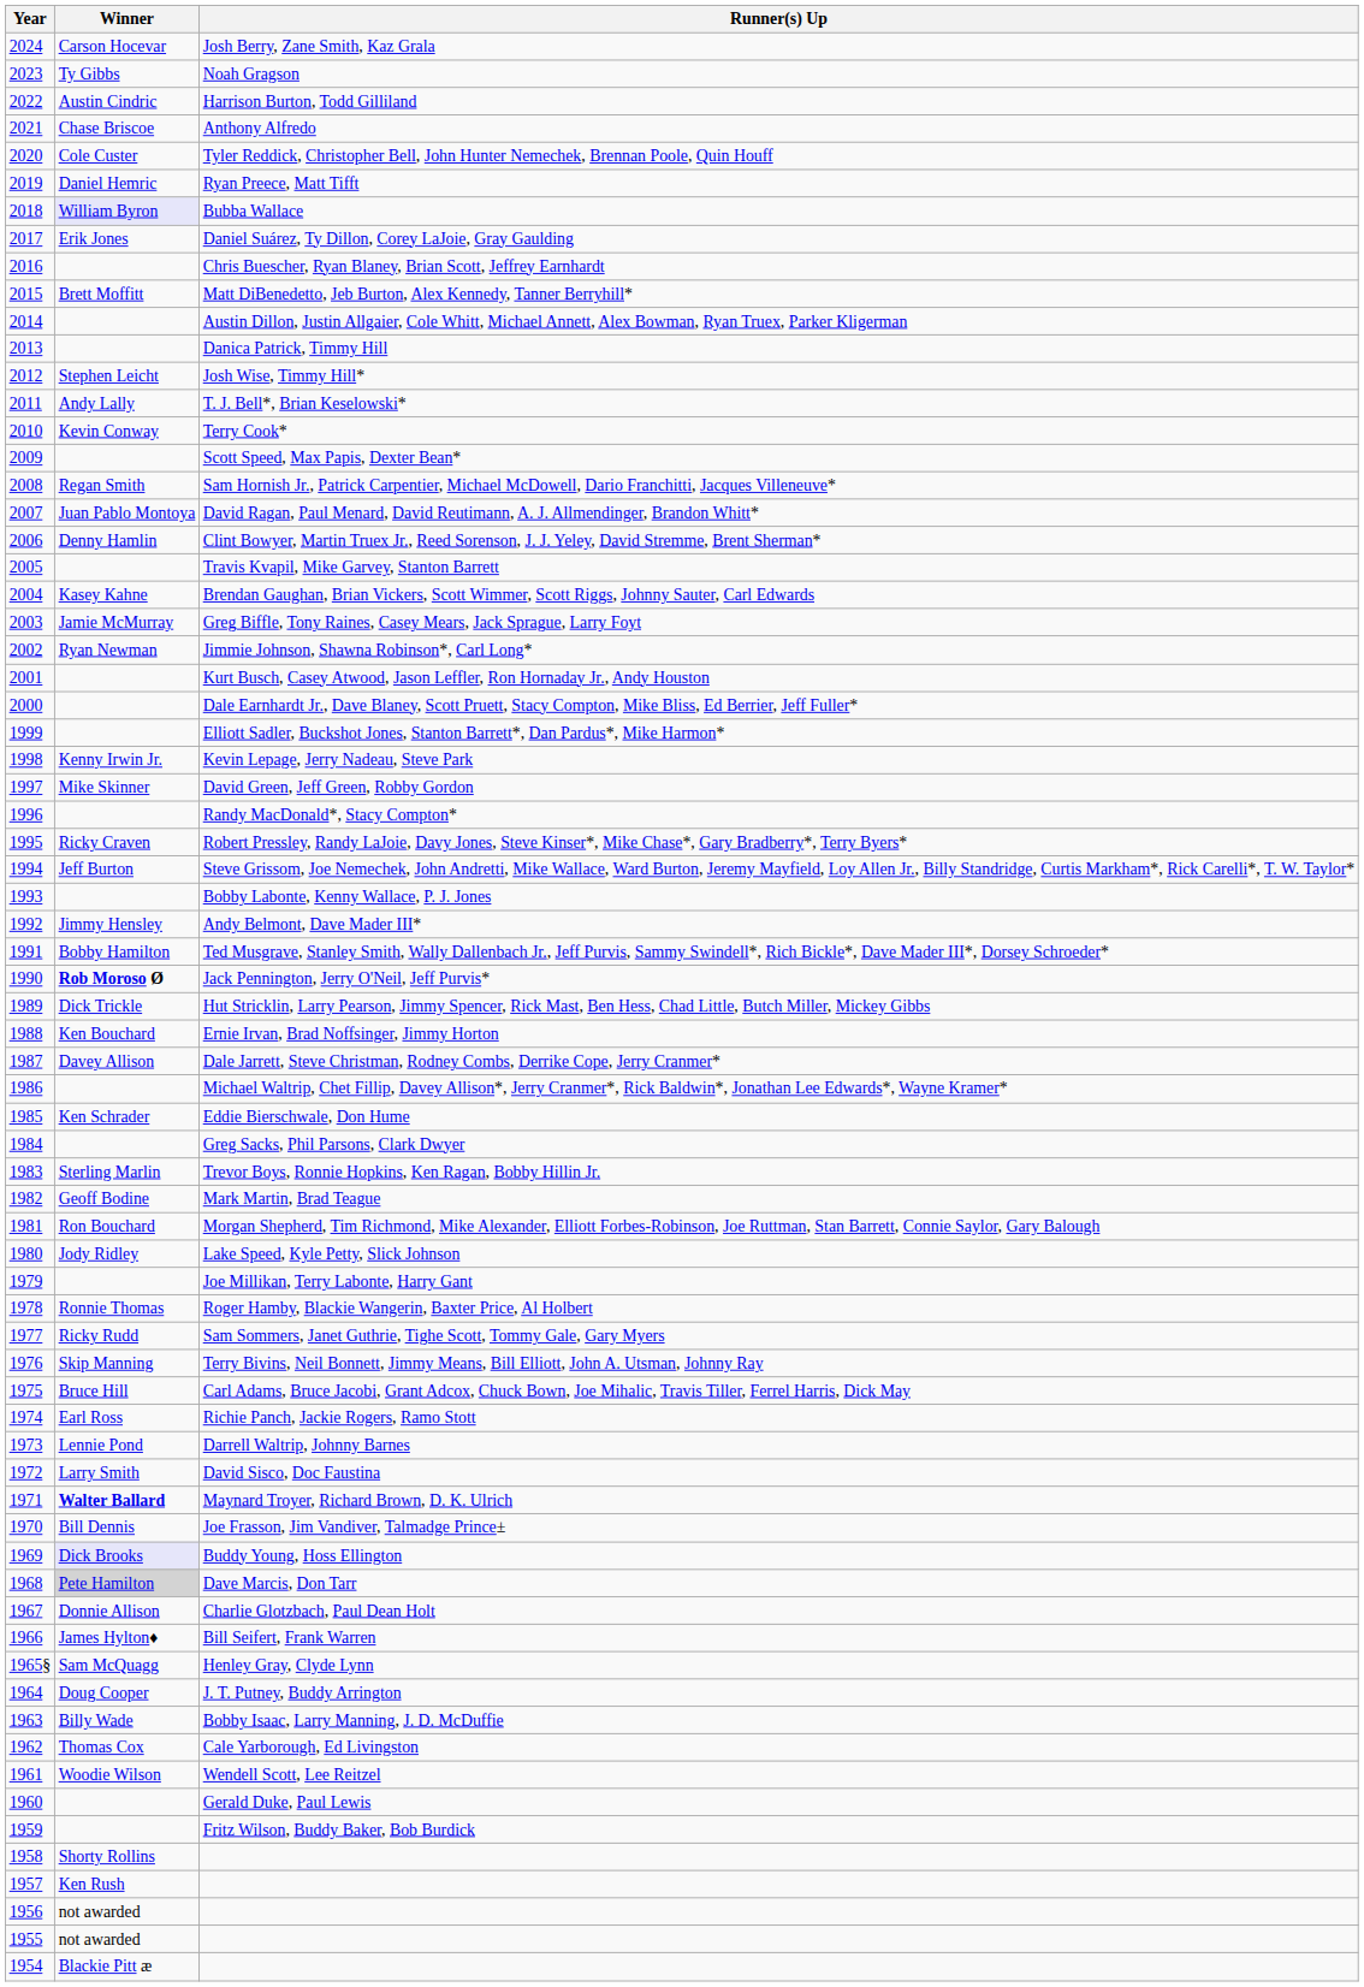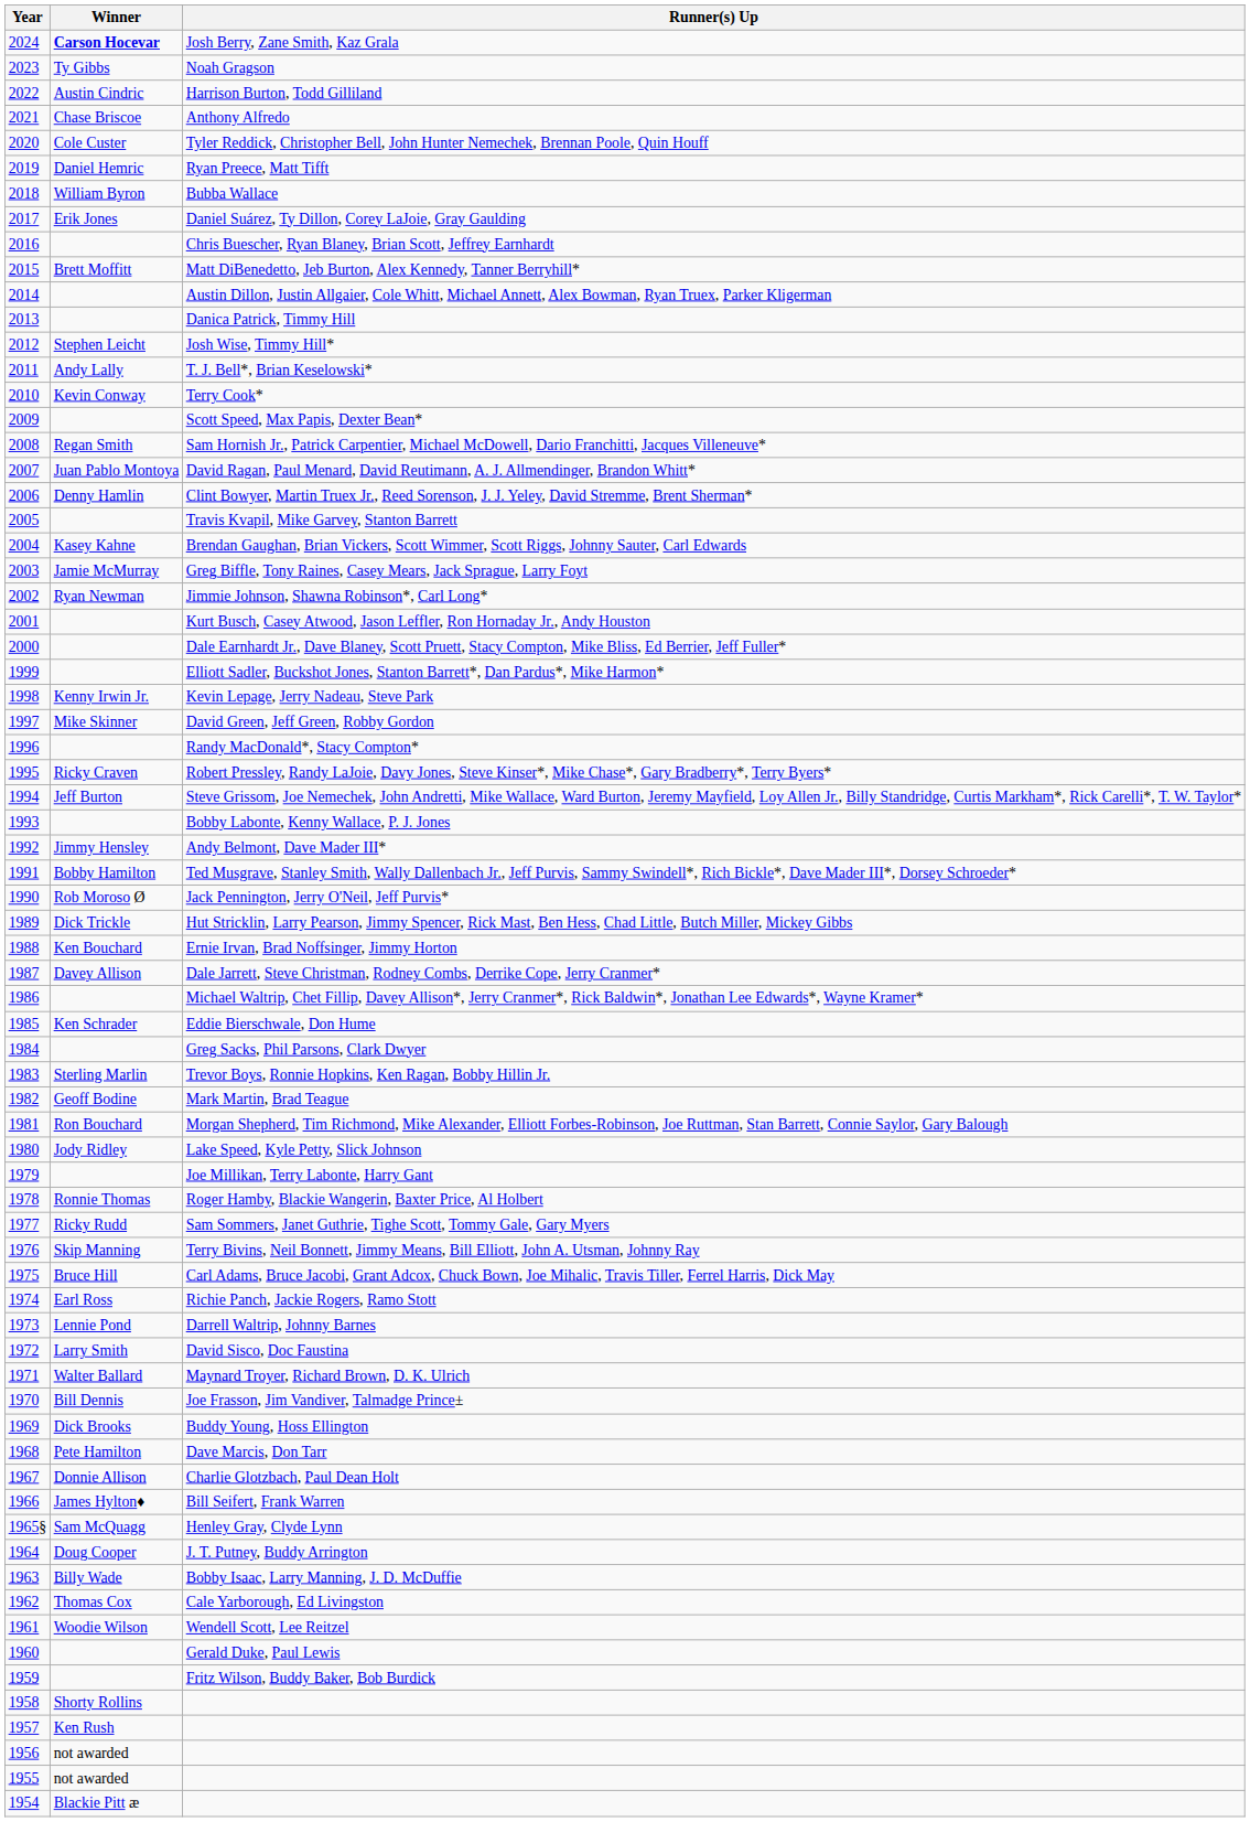 <table class="wikitable" style="font-size: 95%;">
 <tr>
 <th>Year</th>
 <th>Winner</th>
 <th>Runner(s) Up</th>
 </tr>
 <tr>
 <td><a href='#'>2024</a></td>
-<td><a href='#'>Carson Hocevar</a></td>
+<td><strong><a href='#'>Carson Hocevar</a></strong></td>
 <td><a href='#'>Josh Berry</a>, <a href='#'>Zane Smith</a>, <a href='#'>Kaz Grala</a></td>
 </tr>
 <tr>
 <td><a href='#'>2023</a></td>
 <td><a href='#'>Ty Gibbs</a></td>
 <td><a href='#'>Noah Gragson</a></td>
 </tr>
 <tr>
 <td><a href='#'>2022</a></td>
 <td><a href='#'>Austin Cindric</a></td>
 <td><a href='#'>Harrison Burton</a>, <a href='#'>Todd Gilliland</a></td>
 </tr>
 <tr>
 <td><a href='#'>2021</a></td>
 <td><a href='#'>Chase Briscoe</a></td>
 <td><a href='#'>Anthony Alfredo</a></td>
 </tr>
 <tr>
 <td><a href='#'>2020</a></td>
 <td><a href='#'>Cole Custer</a></td>
 <td><a href='#'>Tyler Reddick</a>, <a href='#'>Christopher Bell</a>, <a href='#'>John Hunter Nemechek</a>, <a href='#'>Brennan Poole</a>, <a href='#'>Quin Houff</a></td>
 </tr>
 <tr>
 <td><a href='#'>2019</a></td>
 <td><a href='#'>Daniel Hemric</a></td>
 <td><a href='#'>Ryan Preece</a>, <a href='#'>Matt Tifft</a></td>
 </tr>
 <tr>
 <td><a href='#'>2018</a></td>
-<td style="background: lavender;"><a href='#'>William Byron</a></td>
+<td><a href='#'>William Byron</a></td>
 <td><a href='#'>Bubba Wallace</a></td>
 </tr>
 <tr>
 <td><a href='#'>2017</a></td>
 <td><a href='#'>Erik Jones</a></td>
 <td><a href='#'>Daniel Suárez</a>, <a href='#'>Ty Dillon</a>, <a href='#'>Corey LaJoie</a>, <a href='#'>Gray Gaulding</a></td>
 </tr>
 <tr>
 <td><a href='#'>2016</a></td>
 <td></td>
 <td><a href='#'>Chris Buescher</a>, <a href='#'>Ryan Blaney</a>, <a href='#'>Brian Scott</a>, <a href='#'>Jeffrey Earnhardt</a></td>
 </tr>
 <tr>
 <td><a href='#'>2015</a></td>
 <td><a href='#'>Brett Moffitt</a></td>
 <td><a href='#'>Matt DiBenedetto</a>, <a href='#'>Jeb Burton</a>, <a href='#'>Alex Kennedy</a>, <a href='#'>Tanner Berryhill</a>*</td>
 </tr>
 <tr>
 <td><a href='#'>2014</a></td>
 <td></td>
 <td><a href='#'>Austin Dillon</a>, <a href='#'>Justin Allgaier</a>, <a href='#'>Cole Whitt</a>, <a href='#'>Michael Annett</a>, <a href='#'>Alex Bowman</a>, <a href='#'>Ryan Truex</a>, <a href='#'>Parker Kligerman</a></td>
 </tr>
 <tr>
 <td><a href='#'>2013</a></td>
 <td></td>
 <td><a href='#'>Danica Patrick</a>, <a href='#'>Timmy Hill</a></td>
 </tr>
 <tr>
 <td><a href='#'>2012</a></td>
 <td><a href='#'>Stephen Leicht</a></td>
 <td><a href='#'>Josh Wise</a>, <a href='#'>Timmy Hill</a>*</td>
 </tr>
 <tr>
 <td><a href='#'>2011</a></td>
 <td><a href='#'>Andy Lally</a></td>
 <td><a href='#'>T. J. Bell</a>*, <a href='#'>Brian Keselowski</a>*</td>
 </tr>
 <tr>
 <td><a href='#'>2010</a></td>
 <td><a href='#'>Kevin Conway</a></td>
 <td><a href='#'>Terry Cook</a>*</td>
 </tr>
 <tr>
 <td><a href='#'>2009</a></td>
 <td></td>
 <td><a href='#'>Scott Speed</a>, <a href='#'>Max Papis</a>, <a href='#'>Dexter Bean</a>*</td>
 </tr>
 <tr>
 <td><a href='#'>2008</a></td>
 <td><a href='#'>Regan Smith</a></td>
 <td><a href='#'>Sam Hornish Jr.</a>, <a href='#'>Patrick Carpentier</a>, <a href='#'>Michael McDowell</a>, <a href='#'>Dario Franchitti</a>, <a href='#'>Jacques Villeneuve</a>*</td>
 </tr>
 <tr>
 <td><a href='#'>2007</a></td>
 <td><a href='#'>Juan Pablo Montoya</a></td>
 <td><a href='#'>David Ragan</a>, <a href='#'>Paul Menard</a>, <a href='#'>David Reutimann</a>, <a href='#'>A. J. Allmendinger</a>, <a href='#'>Brandon Whitt</a>*</td>
 </tr>
 <tr>
 <td><a href='#'>2006</a></td>
 <td><a href='#'>Denny Hamlin</a></td>
 <td><a href='#'>Clint Bowyer</a>, <a href='#'>Martin Truex Jr.</a>, <a href='#'>Reed Sorenson</a>, <a href='#'>J. J. Yeley</a>, <a href='#'>David Stremme</a>, <a href='#'>Brent Sherman</a>*</td>
 </tr>
 <tr>
 <td><a href='#'>2005</a></td>
 <td></td>
 <td><a href='#'>Travis Kvapil</a>, <a href='#'>Mike Garvey</a>, <a href='#'>Stanton Barrett</a></td>
 </tr>
 <tr>
 <td><a href='#'>2004</a></td>
 <td><a href='#'>Kasey Kahne</a></td>
 <td><a href='#'>Brendan Gaughan</a>, <a href='#'>Brian Vickers</a>, <a href='#'>Scott Wimmer</a>, <a href='#'>Scott Riggs</a>, <a href='#'>Johnny Sauter</a>, <a href='#'>Carl Edwards</a></td>
 </tr>
 <tr>
 <td><a href='#'>2003</a></td>
 <td><a href='#'>Jamie McMurray</a></td>
 <td><a href='#'>Greg Biffle</a>, <a href='#'>Tony Raines</a>, <a href='#'>Casey Mears</a>, <a href='#'>Jack Sprague</a>, <a href='#'>Larry Foyt</a></td>
 </tr>
 <tr>
 <td><a href='#'>2002</a></td>
 <td><a href='#'>Ryan Newman</a></td>
 <td><a href='#'>Jimmie Johnson</a>, <a href='#'>Shawna Robinson</a>*, <a href='#'>Carl Long</a>*</td>
 </tr>
 <tr>
 <td><a href='#'>2001</a></td>
 <td></td>
 <td><a href='#'>Kurt Busch</a>, <a href='#'>Casey Atwood</a>, <a href='#'>Jason Leffler</a>, <a href='#'>Ron Hornaday Jr.</a>, <a href='#'>Andy Houston</a></td>
 </tr>
 <tr>
 <td><a href='#'>2000</a></td>
 <td></td>
 <td><a href='#'>Dale Earnhardt Jr.</a>, <a href='#'>Dave Blaney</a>, <a href='#'>Scott Pruett</a>, <a href='#'>Stacy Compton</a>, <a href='#'>Mike Bliss</a>, <a href='#'>Ed Berrier</a>, <a href='#'>Jeff Fuller</a>*</td>
 </tr>
 <tr>
 <td><a href='#'>1999</a></td>
 <td></td>
 <td><a href='#'>Elliott Sadler</a>, <a href='#'>Buckshot Jones</a>, <a href='#'>Stanton Barrett</a>*, <a href='#'>Dan Pardus</a>*, <a href='#'>Mike Harmon</a>*</td>
 </tr>
 <tr>
 <td><a href='#'>1998</a></td>
 <td><a href='#'>Kenny Irwin Jr.</a></td>
 <td><a href='#'>Kevin Lepage</a>, <a href='#'>Jerry Nadeau</a>, <a href='#'>Steve Park</a></td>
 </tr>
 <tr>
 <td><a href='#'>1997</a></td>
 <td><a href='#'>Mike Skinner</a></td>
 <td><a href='#'>David Green</a>, <a href='#'>Jeff Green</a>, <a href='#'>Robby Gordon</a></td>
 </tr>
 <tr>
 <td><a href='#'>1996</a></td>
 <td></td>
 <td><a href='#'>Randy MacDonald</a>*, <a href='#'>Stacy Compton</a>*</td>
 </tr>
 <tr>
 <td><a href='#'>1995</a></td>
 <td><a href='#'>Ricky Craven</a></td>
 <td><a href='#'>Robert Pressley</a>, <a href='#'>Randy LaJoie</a>, <a href='#'>Davy Jones</a>, <a href='#'>Steve Kinser</a>*, <a href='#'>Mike Chase</a>*, <a href='#'>Gary Bradberry</a>*, <a href='#'>Terry Byers</a>*</td>
 </tr>
 <tr>
 <td><a href='#'>1994</a></td>
 <td><a href='#'>Jeff Burton</a></td>
 <td><a href='#'>Steve Grissom</a>, <a href='#'>Joe Nemechek</a>, <a href='#'>John Andretti</a>, <a href='#'>Mike Wallace</a>, <a href='#'>Ward Burton</a>, <a href='#'>Jeremy Mayfield</a>, <a href='#'>Loy Allen Jr.</a>, <a href='#'>Billy Standridge</a>, <a href='#'>Curtis Markham</a>*, <a href='#'>Rick Carelli</a>*, <a href='#'>T. W. Taylor</a>*</td>
 </tr>
 <tr>
 <td><a href='#'>1993</a></td>
 <td></td>
 <td><a href='#'>Bobby Labonte</a>, <a href='#'>Kenny Wallace</a>, <a href='#'>P. J. Jones</a></td>
 </tr>
 <tr>
 <td><a href='#'>1992</a></td>
 <td><a href='#'>Jimmy Hensley</a></td>
 <td><a href='#'>Andy Belmont</a>, <a href='#'>Dave Mader III</a>*</td>
 </tr>
 <tr>
 <td><a href='#'>1991</a></td>
 <td><a href='#'>Bobby Hamilton</a></td>
 <td><a href='#'>Ted Musgrave</a>, <a href='#'>Stanley Smith</a>, <a href='#'>Wally Dallenbach Jr.</a>, <a href='#'>Jeff Purvis</a>, <a href='#'>Sammy Swindell</a>*, <a href='#'>Rich Bickle</a>*, <a href='#'>Dave Mader III</a>*, <a href='#'>Dorsey Schroeder</a>*</td>
 </tr>
 <tr>
 <td><a href='#'>1990</a></td>
-<td><strong><a href='#'>Rob Moroso</a> Ø</strong></td>
+<td><a href='#'>Rob Moroso</a> Ø</td>
 <td><a href='#'>Jack Pennington</a>, <a href='#'>Jerry O'Neil</a>, <a href='#'>Jeff Purvis</a>*</td>
 </tr>
 <tr>
 <td><a href='#'>1989</a></td>
 <td><a href='#'>Dick Trickle</a></td>
 <td><a href='#'>Hut Stricklin</a>, <a href='#'>Larry Pearson</a>, <a href='#'>Jimmy Spencer</a>, <a href='#'>Rick Mast</a>, <a href='#'>Ben Hess</a>, <a href='#'>Chad Little</a>, <a href='#'>Butch Miller</a>, <a href='#'>Mickey Gibbs</a></td>
 </tr>
 <tr>
 <td><a href='#'>1988</a></td>
 <td><a href='#'>Ken Bouchard</a></td>
 <td><a href='#'>Ernie Irvan</a>, <a href='#'>Brad Noffsinger</a>, <a href='#'>Jimmy Horton</a></td>
 </tr>
 <tr>
 <td><a href='#'>1987</a></td>
 <td><a href='#'>Davey Allison</a></td>
 <td><a href='#'>Dale Jarrett</a>, <a href='#'>Steve Christman</a>, <a href='#'>Rodney Combs</a>, <a href='#'>Derrike Cope</a>, <a href='#'>Jerry Cranmer</a>*</td>
 </tr>
 <tr>
 <td><a href='#'>1986</a></td>
 <td></td>
 <td><a href='#'>Michael Waltrip</a>, <a href='#'>Chet Fillip</a>, <a href='#'>Davey Allison</a>*, <a href='#'>Jerry Cranmer</a>*, <a href='#'>Rick Baldwin</a>*, <a href='#'>Jonathan Lee Edwards</a>*, <a href='#'>Wayne Kramer</a>*</td>
 </tr>
 <tr>
 <td><a href='#'>1985</a></td>
 <td><a href='#'>Ken Schrader</a></td>
 <td><a href='#'>Eddie Bierschwale</a>, <a href='#'>Don Hume</a></td>
 </tr>
 <tr>
 <td><a href='#'>1984</a></td>
 <td></td>
 <td><a href='#'>Greg Sacks</a>, <a href='#'>Phil Parsons</a>, <a href='#'>Clark Dwyer</a></td>
 </tr>
 <tr>
 <td><a href='#'>1983</a></td>
 <td><a href='#'>Sterling Marlin</a></td>
 <td><a href='#'>Trevor Boys</a>, <a href='#'>Ronnie Hopkins</a>, <a href='#'>Ken Ragan</a>, <a href='#'>Bobby Hillin Jr.</a></td>
 </tr>
 <tr>
 <td><a href='#'>1982</a></td>
 <td><a href='#'>Geoff Bodine</a></td>
 <td><a href='#'>Mark Martin</a>, <a href='#'>Brad Teague</a></td>
 </tr>
 <tr>
 <td><a href='#'>1981</a></td>
 <td><a href='#'>Ron Bouchard</a></td>
 <td><a href='#'>Morgan Shepherd</a>, <a href='#'>Tim Richmond</a>, <a href='#'>Mike Alexander</a>, <a href='#'>Elliott Forbes-Robinson</a>, <a href='#'>Joe Ruttman</a>, <a href='#'>Stan Barrett</a>, <a href='#'>Connie Saylor</a>, <a href='#'>Gary Balough</a></td>
 </tr>
 <tr>
 <td><a href='#'>1980</a></td>
 <td><a href='#'>Jody Ridley</a></td>
 <td><a href='#'>Lake Speed</a>, <a href='#'>Kyle Petty</a>, <a href='#'>Slick Johnson</a></td>
 </tr>
 <tr>
 <td><a href='#'>1979</a></td>
 <td></td>
 <td><a href='#'>Joe Millikan</a>, <a href='#'>Terry Labonte</a>, <a href='#'>Harry Gant</a></td>
 </tr>
 <tr>
 <td><a href='#'>1978</a></td>
 <td><a href='#'>Ronnie Thomas</a></td>
 <td><a href='#'>Roger Hamby</a>, <a href='#'>Blackie Wangerin</a>, <a href='#'>Baxter Price</a>, <a href='#'>Al Holbert</a></td>
 </tr>
 <tr>
 <td><a href='#'>1977</a></td>
 <td><a href='#'>Ricky Rudd</a></td>
 <td><a href='#'>Sam Sommers</a>, <a href='#'>Janet Guthrie</a>, <a href='#'>Tighe Scott</a>, <a href='#'>Tommy Gale</a>, <a href='#'>Gary Myers</a></td>
 </tr>
 <tr>
 <td><a href='#'>1976</a></td>
 <td><a href='#'>Skip Manning</a></td>
 <td><a href='#'>Terry Bivins</a>, <a href='#'>Neil Bonnett</a>, <a href='#'>Jimmy Means</a>, <a href='#'>Bill Elliott</a>, <a href='#'>John A. Utsman</a>, <a href='#'>Johnny Ray</a></td>
 </tr>
 <tr>
 <td><a href='#'>1975</a></td>
 <td><a href='#'>Bruce Hill</a></td>
 <td><a href='#'>Carl Adams</a>, <a href='#'>Bruce Jacobi</a>, <a href='#'>Grant Adcox</a>, <a href='#'>Chuck Bown</a>, <a href='#'>Joe Mihalic</a>, <a href='#'>Travis Tiller</a>, <a href='#'>Ferrel Harris</a>, <a href='#'>Dick May</a></td>
 </tr>
 <tr>
 <td><a href='#'>1974</a></td>
 <td><a href='#'>Earl Ross</a></td>
 <td><a href='#'>Richie Panch</a>, <a href='#'>Jackie Rogers</a>, <a href='#'>Ramo Stott</a></td>
 </tr>
 <tr>
 <td><a href='#'>1973</a></td>
 <td><a href='#'>Lennie Pond</a></td>
 <td><a href='#'>Darrell Waltrip</a>, <a href='#'>Johnny Barnes</a></td>
 </tr>
 <tr>
 <td><a href='#'>1972</a></td>
 <td><a href='#'>Larry Smith</a></td>
 <td><a href='#'>David Sisco</a>, <a href='#'>Doc Faustina</a></td>
 </tr>
 <tr>
 <td><a href='#'>1971</a></td>
-<td><strong><a href='#'>Walter Ballard</a></strong></td>
+<td><a href='#'>Walter Ballard</a></td>
 <td><a href='#'>Maynard Troyer</a>, <a href='#'>Richard Brown</a>, <a href='#'>D. K. Ulrich</a></td>
 </tr>
 <tr>
 <td><a href='#'>1970</a></td>
 <td><a href='#'>Bill Dennis</a></td>
 <td><a href='#'>Joe Frasson</a>, <a href='#'>Jim Vandiver</a>, <a href='#'>Talmadge Prince</a>±</td>
 </tr>
 <tr>
 <td><a href='#'>1969</a></td>
-<td style="background: lavender;"><a href='#'>Dick Brooks</a></td>
+<td><a href='#'>Dick Brooks</a></td>
 <td><a href='#'>Buddy Young</a>, <a href='#'>Hoss Ellington</a></td>
 </tr>
 <tr>
 <td><a href='#'>1968</a></td>
-<td style="background: lightgrey;"><a href='#'>Pete Hamilton</a></td>
+<td><a href='#'>Pete Hamilton</a></td>
 <td><a href='#'>Dave Marcis</a>, <a href='#'>Don Tarr</a></td>
 </tr>
 <tr>
 <td><a href='#'>1967</a></td>
 <td><a href='#'>Donnie Allison</a></td>
 <td><a href='#'>Charlie Glotzbach</a>, <a href='#'>Paul Dean Holt</a></td>
 </tr>
 <tr>
 <td><a href='#'>1966</a></td>
 <td><a href='#'>James Hylton</a>♦</td>
 <td><a href='#'>Bill Seifert</a>, <a href='#'>Frank Warren</a></td>
 </tr>
 <tr>
 <td><a href='#'>1965</a>§</td>
 <td><a href='#'>Sam McQuagg</a></td>
 <td><a href='#'>Henley Gray</a>, <a href='#'>Clyde Lynn</a></td>
 </tr>
 <tr>
 <td><a href='#'>1964</a></td>
 <td><a href='#'>Doug Cooper</a></td>
 <td><a href='#'>J. T. Putney</a>, <a href='#'>Buddy Arrington</a></td>
 </tr>
 <tr>
 <td><a href='#'>1963</a></td>
 <td><a href='#'>Billy Wade</a></td>
 <td><a href='#'>Bobby Isaac</a>, <a href='#'>Larry Manning</a>, <a href='#'>J. D. McDuffie</a></td>
 </tr>
 <tr>
 <td><a href='#'>1962</a></td>
 <td><a href='#'>Thomas Cox</a></td>
 <td><a href='#'>Cale Yarborough</a>, <a href='#'>Ed Livingston</a></td>
 </tr>
 <tr>
 <td><a href='#'>1961</a></td>
 <td><a href='#'>Woodie Wilson</a></td>
 <td><a href='#'>Wendell Scott</a>, <a href='#'>Lee Reitzel</a></td>
 </tr>
 <tr>
 <td><a href='#'>1960</a></td>
 <td></td>
 <td><a href='#'>Gerald Duke</a>, <a href='#'>Paul Lewis</a></td>
 </tr>
 <tr>
 <td><a href='#'>1959</a></td>
 <td></td>
 <td><a href='#'>Fritz Wilson</a>, <a href='#'>Buddy Baker</a>, <a href='#'>Bob Burdick</a></td>
 </tr>
 <tr>
 <td><a href='#'>1958</a></td>
 <td><a href='#'>Shorty Rollins</a></td>
 <td></td>
 </tr>
 <tr>
 <td><a href='#'>1957</a></td>
 <td><a href='#'>Ken Rush</a></td>
 <td></td>
 </tr>
 <tr>
 <td><a href='#'>1956</a></td>
 <td>not awarded</td>
 <td></td>
 </tr>
 <tr>
 <td><a href='#'>1955</a></td>
 <td>not awarded</td>
 <td></td>
 </tr>
 <tr>
 <td><a href='#'>1954</a></td>
 <td><a href='#'>Blackie Pitt</a> æ</td>
 <td></td>
 </tr>
 </table>
